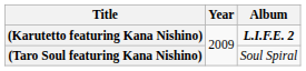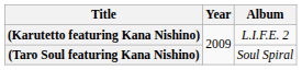 <table class="wikitable plainrowheaders" style="text-align:center;">
 <tr>
 <th scope="col">Title</th>
 <th scope="col">Year</th>
 <th scope="col">Album</th>
 </tr>
 <tr>
 <th scope="row"> <span>(Karutetto featuring Kana Nishino)</span></th>
 <td rowspan="2">2009</td>
-<td rowspan="1"><strong><em>L.I.F.E. 2</em></strong></td>
+<td rowspan="1"><em>L.I.F.E. 2</em></td>
 </tr>
 <tr>
 <th scope="row"> <span>(Taro Soul featuring Kana Nishino)</span></th>
 <td rowspan="1"><em>Soul Spiral</em></td>
 </tr>
 </table>
